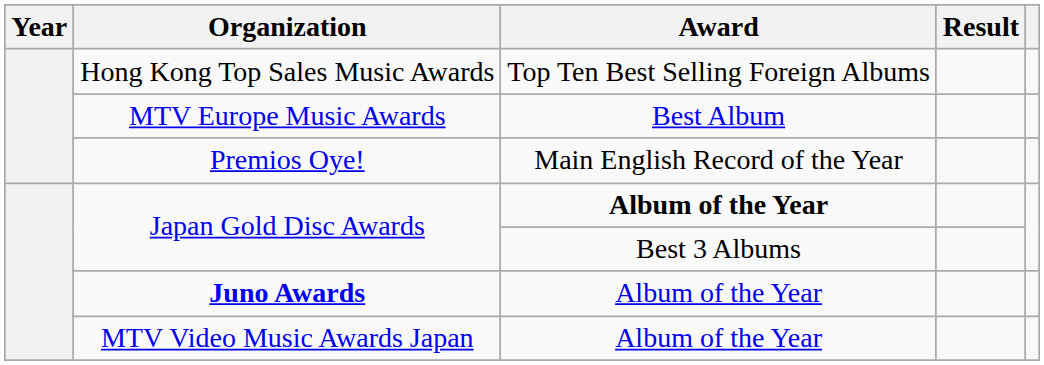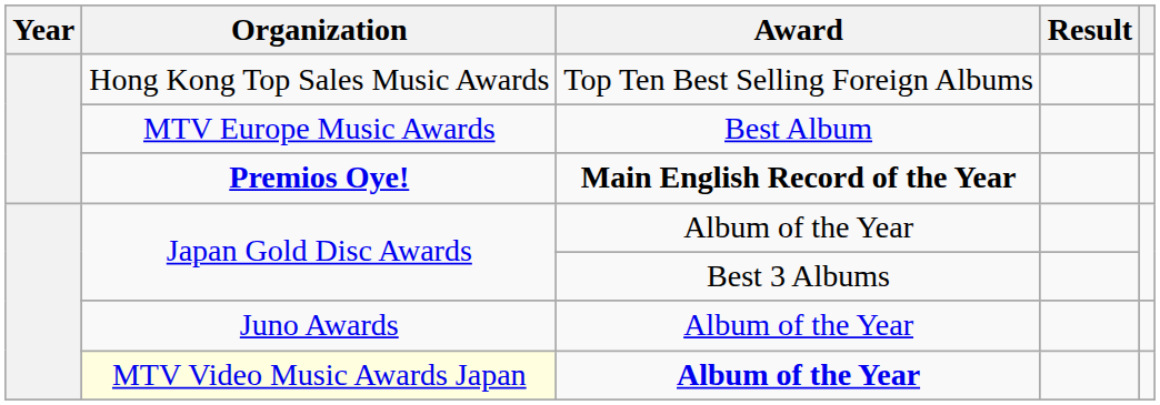 <table class="wikitable plainrowheaders sortable collapsible" style="text-align:center">
 <tr>
 <th scope=col class="sortable">Year</th>
 <th scope=col class="sortable">Organization</th>
 <th scope=col class="sortable">Award</th>
 <th scope=col class="sortable">Result</th>
 <th scope=col class="unsortable"></th>
 </tr>
 <tr>
 <th scope="row" rowspan="3"></th>
 <td scope="row" rowspan="1">Hong Kong Top Sales Music Awards</td>
 <td>Top Ten Best Selling Foreign Albums</td>
 <td></td>
 <td rowspan="1" style="text-align:center;"></td>
 </tr>
 <tr>
 <td scope="row" rowspan="1"><a href='#'>MTV Europe Music Awards</a></td>
 <td><a href='#'>Best Album</a></td>
 <td></td>
 <td rowspan="1" style="text-align:center;"></td>
 </tr>
 <tr>
-<td scope="row" rowspan="1"><a href='#'>Premios Oye!</a></td>
-<td>Main English Record of the Year</td>
+<td scope="row" rowspan="1"><strong><a href='#'>Premios Oye!</a></strong></td>
+<td><strong>Main English Record of the Year</strong></td>
 <td></td>
 <td rowspan="1" style="text-align:center;"></td>
 </tr>
 <tr>
 <th scope="row" rowspan="4"></th>
 <td scope="row" rowspan="2"><a href='#'>Japan Gold Disc Awards</a></td>
-<td><strong>Album of the Year</strong></td>
+<td>Album of the Year</td>
 <td></td>
 <td rowspan="2" style="text-align:center;"></td>
 </tr>
 <tr>
 <td>Best 3 Albums</td>
 <td></td>
 </tr>
 <tr>
-<td scope="row" rowspan="1"><strong><a href='#'>Juno Awards</a></strong></td>
+<td scope="row" rowspan="1"><a href='#'>Juno Awards</a></td>
 <td><a href='#'>Album of the Year</a></td>
 <td></td>
 <td rowspan="1" style="text-align:center;"></td>
 </tr>
 <tr>
-<td scope="row" rowspan="1"><a href='#'>MTV Video Music Awards Japan</a></td>
-<td><a href='#'>Album of the Year</a></td>
+<td scope="row" rowspan="1" style="background: lightyellow;"><a href='#'>MTV Video Music Awards Japan</a></td>
+<td><strong><a href='#'>Album of the Year</a></strong></td>
 <td></td>
 <td rowspan="1" style="text-align:center;"></td>
 </tr>
 </table>
